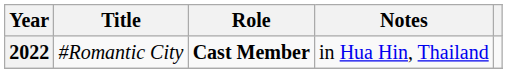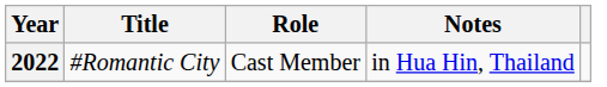 <table class="wikitable  plainrowheaders">
 <tr>
 <th scope="col">Year</th>
 <th scope="col">Title</th>
 <th scope="col">Role</th>
 <th>Notes</th>
 <th scope="col" class="unsortable"></th>
 </tr>
 <tr>
 <th scope="row">2022</th>
 <td><em>#Romantic City</em></td>
-<td><strong>Cast Member</strong></td>
+<td>Cast Member</td>
 <td>in <a href='#'>Hua Hin</a>, <a href='#'>Thailand</a></td>
 <td></td>
 </tr>
 <tr>
 </tr>
 </table>
